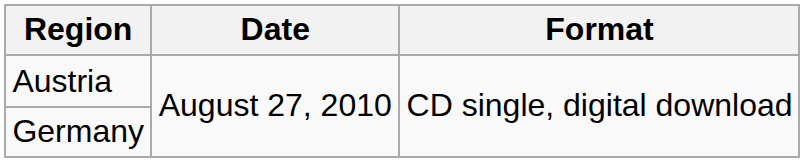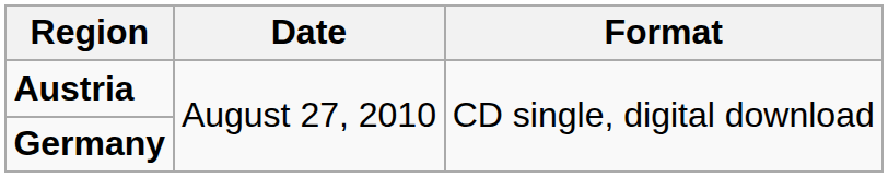 <table class="wikitable">
 <tr>
 <th>Region</th>
 <th>Date</th>
 <th>Format</th>
 </tr>
 <tr>
-<td>Austria</td>
+<td><strong>Austria</strong></td>
 <td rowspan=2>August 27, 2010</td>
 <td rowspan=2>CD single, digital download</td>
 </tr>
 <tr>
-<td>Germany</td>
+<td><strong>Germany</strong></td>
 </tr>
 </table>
